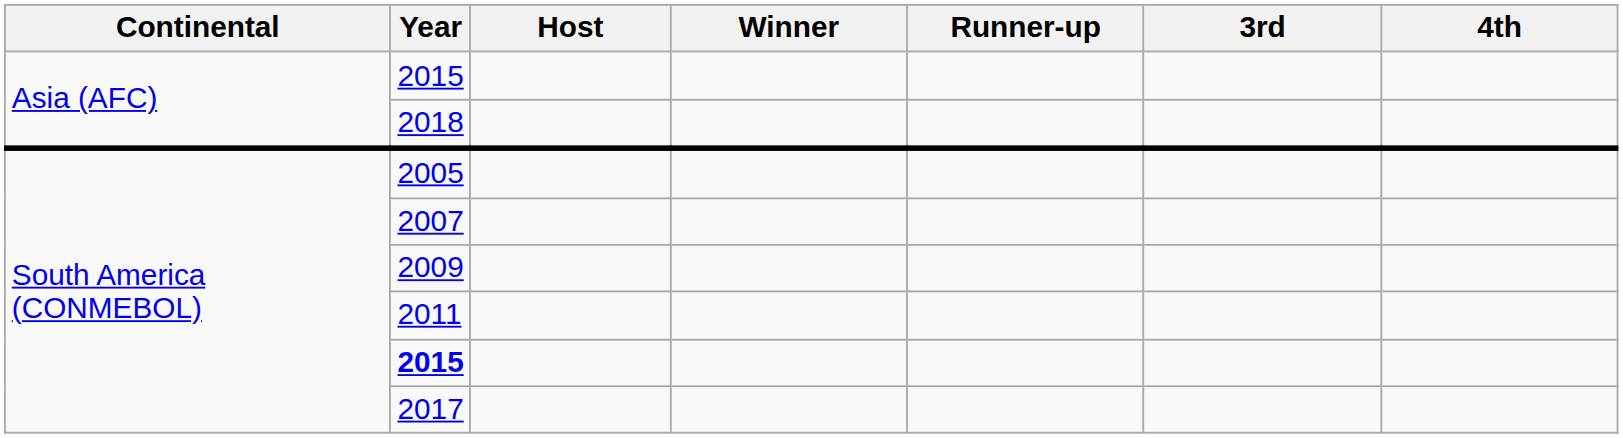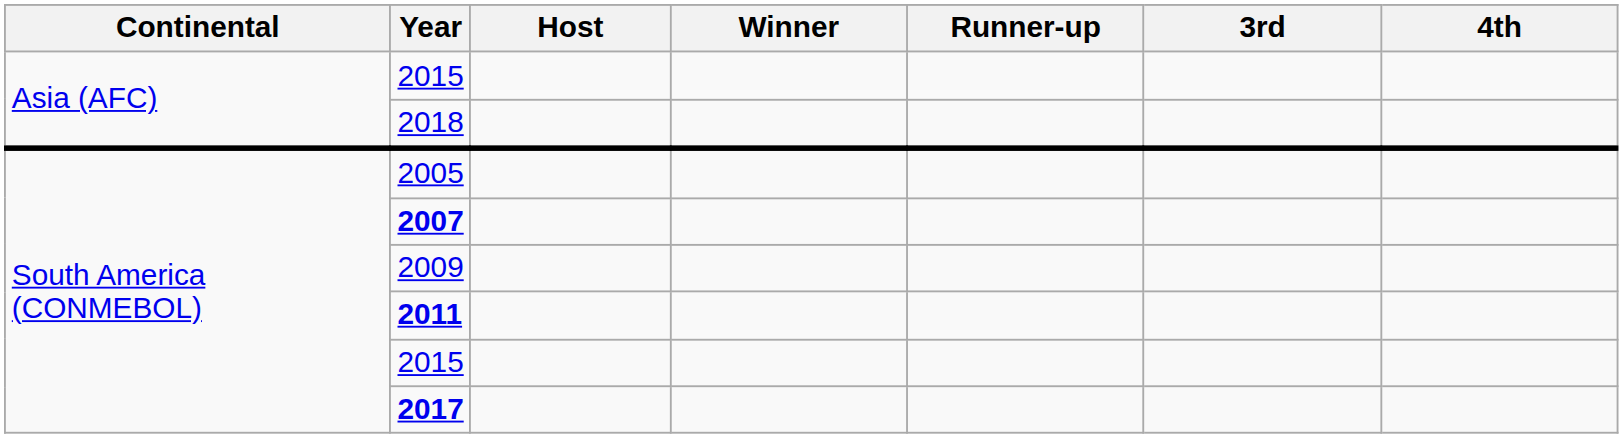 <table class="wikitable">
 <tr>
 <th width=200>Continental</th>
 <th>Year</th>
 <th width=100>Host</th>
 <th width=120>Winner </th>
 <th width=120>Runner-up </th>
 <th width=120>3rd </th>
 <th width=120>4th</th>
 </tr>
 <tr>
 <td rowspan=2><a href='#'>Asia (AFC)</a></td>
 <td><a href='#'>2015</a></td>
 <td></td>
 <td></td>
 <td></td>
 <td></td>
 <td></td>
 </tr>
 <tr>
 <td><a href='#'>2018</a></td>
 <td></td>
 <td></td>
 <td></td>
 <td></td>
 <td></td>
 </tr>
 <tr style="border-top:3px solid black;">
 <td rowspan=6><a href='#'>South America (CONMEBOL)</a></td>
 <td><a href='#'>2005</a></td>
 <td></td>
 <td></td>
 <td></td>
 <td></td>
 <td></td>
 </tr>
 <tr>
-<td><a href='#'>2007</a></td>
+<td><strong><a href='#'>2007</a></strong></td>
 <td></td>
 <td></td>
 <td></td>
 <td></td>
 <td></td>
 </tr>
 <tr>
 <td><a href='#'>2009</a></td>
 <td></td>
 <td></td>
 <td></td>
 <td></td>
 <td></td>
 </tr>
 <tr>
-<td><a href='#'>2011</a></td>
+<td><strong><a href='#'>2011</a></strong></td>
 <td></td>
 <td></td>
 <td></td>
 <td></td>
 <td></td>
 </tr>
 <tr>
-<td><strong><a href='#'>2015</a></strong></td>
+<td><a href='#'>2015</a></td>
 <td></td>
 <td></td>
 <td></td>
 <td></td>
 <td></td>
 </tr>
 <tr>
-<td><a href='#'>2017</a></td>
+<td><strong><a href='#'>2017</a></strong></td>
 <td></td>
 <td></td>
 <td></td>
 <td></td>
 <td></td>
 </tr>
 </table>
